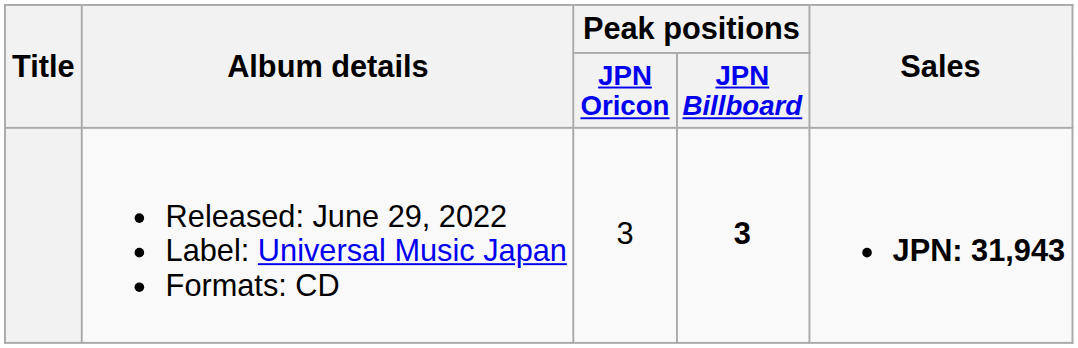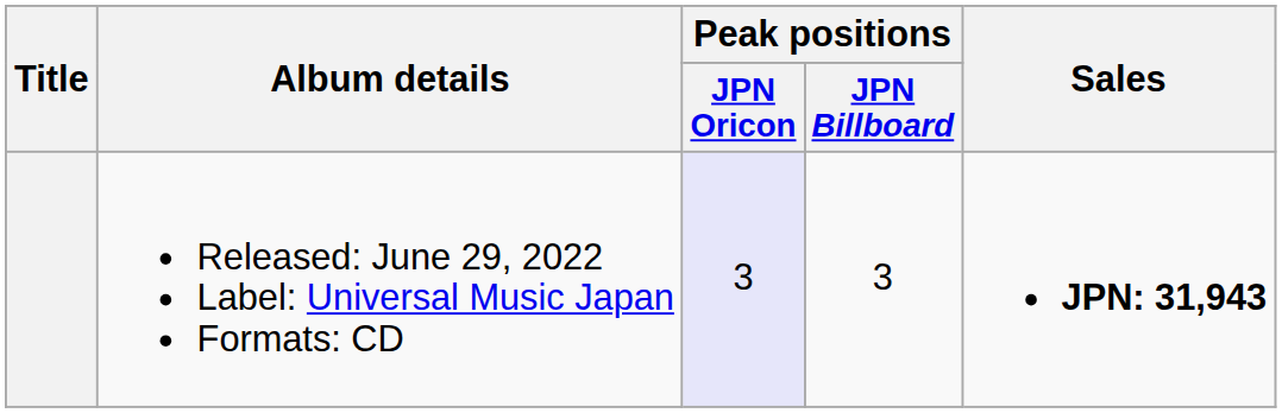 <table class="wikitable plainrowheaders">
 <tr>
 <th scope="col" rowspan="2">Title</th>
 <th scope="col" rowspan="2">Album details</th>
 <th scope="col" colspan="2">Peak positions</th>
 <th scope="col" rowspan="2">Sales</th>
 </tr>
 <tr>
 <th scope="col" style="font-size:90%;"><a href='#'>JPN<br>Oricon</a><br></th>
 <th scope="col" style="font-size:90%;"><a href='#'>JPN<br><em>Billboard</em></a><br></th>
 </tr>
 <tr>
 <th scope="row"></th>
 <td><br><ul><li>Released: June 29, 2022</li><li>Label: <a href='#'>Universal Music Japan</a></li><li>Formats: CD</li></ul></td>
+<td align="center" style="background: lavender;">3</td>
 <td align="center">3</td>
-<td align="center"><strong>3</strong></td>
 <td><strong><br><ul><li>JPN: 31,943</li></ul></strong></td>
 </tr>
 </table>
